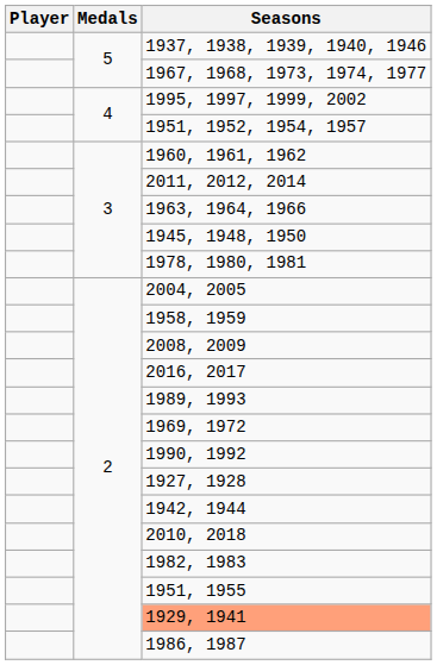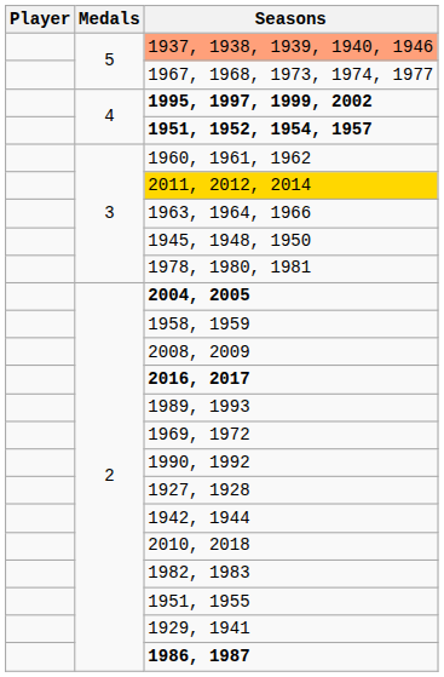 <table class="wikitable sortable">
 <tr>
 <th>Player</th>
 <th>Medals</th>
 <th class="unsortable">Seasons</th>
 </tr>
 <tr>
 <td></td>
 <td rowspan="2" align="center">5</td>
-<td>1937, 1938, 1939, 1940, 1946</td>
+<td style="background: lightsalmon;">1937, 1938, 1939, 1940, 1946</td>
 </tr>
 <tr>
 <td></td>
 <td>1967, 1968, 1973, 1974, 1977</td>
 </tr>
 <tr>
 <td></td>
 <td rowspan="2" align="center">4</td>
-<td>1995, 1997, 1999, 2002</td>
+<td><strong>1995, 1997, 1999, 2002</strong></td>
 </tr>
 <tr>
 <td></td>
-<td>1951, 1952, 1954, 1957</td>
+<td><strong>1951, 1952, 1954, 1957</strong></td>
 </tr>
 <tr>
 <td></td>
 <td rowspan="5" align="center">3</td>
 <td>1960, 1961, 1962</td>
 </tr>
 <tr>
 <td></td>
-<td>2011, 2012, 2014</td>
+<td style="background: gold;">2011, 2012, 2014</td>
 </tr>
 <tr>
 <td></td>
 <td>1963, 1964, 1966</td>
 </tr>
 <tr>
 <td></td>
 <td>1945, 1948, 1950</td>
 </tr>
 <tr>
 <td></td>
 <td>1978, 1980, 1981</td>
 </tr>
 <tr>
 <td></td>
 <td rowspan="14" align="center">2</td>
-<td>2004, 2005</td>
+<td><strong>2004, 2005</strong></td>
 </tr>
 <tr>
 <td></td>
 <td>1958, 1959</td>
 </tr>
 <tr>
 <td></td>
 <td>2008, 2009</td>
 </tr>
 <tr>
 <td></td>
-<td>2016, 2017</td>
+<td><strong>2016, 2017</strong></td>
 </tr>
 <tr>
 <td></td>
 <td>1989, 1993</td>
 </tr>
 <tr>
 <td></td>
 <td>1969, 1972</td>
 </tr>
 <tr>
 <td></td>
 <td>1990, 1992</td>
 </tr>
 <tr>
 <td></td>
 <td>1927, 1928</td>
 </tr>
 <tr>
 <td></td>
 <td>1942, 1944</td>
 </tr>
 <tr>
 <td></td>
 <td>2010, 2018</td>
 </tr>
 <tr>
 <td></td>
 <td>1982, 1983</td>
 </tr>
 <tr>
 <td></td>
 <td>1951, 1955</td>
 </tr>
 <tr>
 <td></td>
-<td style="background: lightsalmon;">1929, 1941</td>
+<td>1929, 1941</td>
 </tr>
 <tr>
 <td></td>
-<td>1986, 1987</td>
+<td><strong>1986, 1987</strong></td>
 </tr>
 </table>
